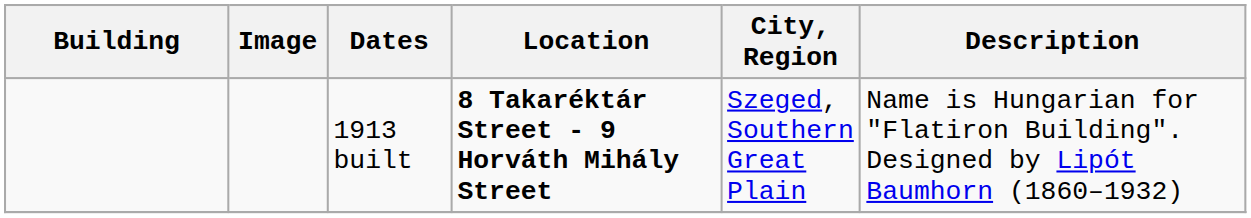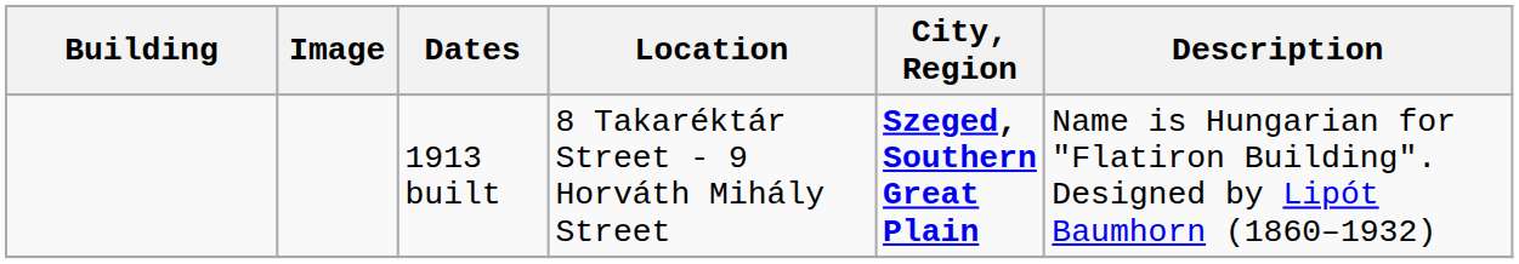 <table class="wikitable sortable" style="width:98%">
 <tr>
 <th width = 18%><strong>Building</strong></th>
 <th width = 8% class="unsortable"><strong>Image</strong></th>
 <th width = 10%><strong>Dates</strong></th>
 <th><strong>Location</strong></th>
 <th width = 8%><strong>City, Region</strong></th>
 <th class="unsortable"><strong>Description</strong></th>
 </tr>
 <tr>
 <td></td>
 <td></td>
 <td>1913 built</td>
-<td><strong>8 Takaréktár Street - 9 Horváth Mihály Street <br></strong></td>
-<td><a href='#'>Szeged</a>, <a href='#'>Southern Great Plain</a></td>
+<td>8 Takaréktár Street - 9 Horváth Mihály Street <br></td>
+<td><strong><a href='#'>Szeged</a>, <a href='#'>Southern Great Plain</a></strong></td>
 <td>Name is Hungarian for "Flatiron Building". Designed by <a href='#'>Lipót Baumhorn</a> (1860–1932)</td>
 </tr>
 <tr>
 </tr>
 </table>
